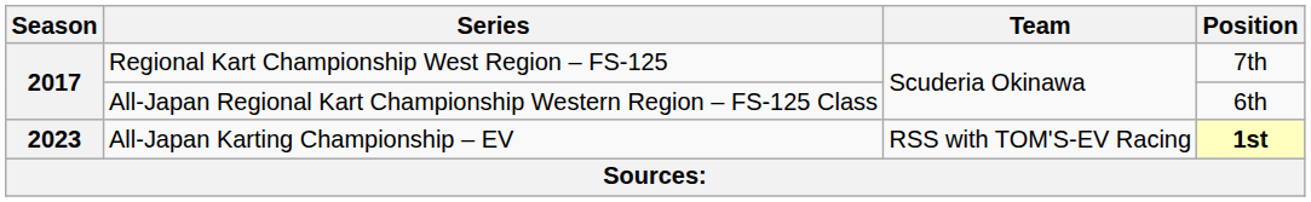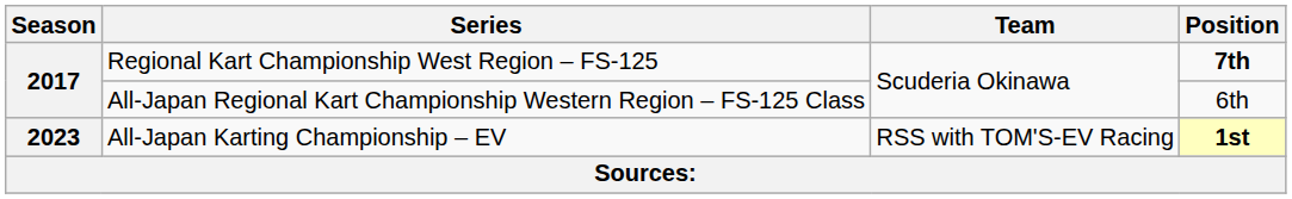 <table class="wikitable" style="font-size: 85%; text-align:center">
 <tr>
 <th>Season</th>
 <th>Series</th>
 <th>Team</th>
 <th>Position</th>
 </tr>
 <tr>
 <th rowspan="2">2017</th>
 <td align="left">Regional Kart Championship West Region – FS-125</td>
 <td align="left" rowspan="2">Scuderia Okinawa</td>
-<td style="background:#">7th</td>
+<td style="background:#"><strong>7th</strong></td>
 </tr>
 <tr>
 <td align="left">All-Japan Regional Kart Championship Western Region – FS-125 Class</td>
 <td style="background:#">6th</td>
 </tr>
 <tr>
 <th>2023</th>
 <td align="left">All-Japan Karting Championship – EV</td>
 <td align="left">RSS with TOM'S-EV Racing</td>
 <td style="background:#FFFFBF"><strong>1st</strong></td>
 </tr>
 <tr>
 <th colspan="4">Sources:</th>
 </tr>
 </table>
